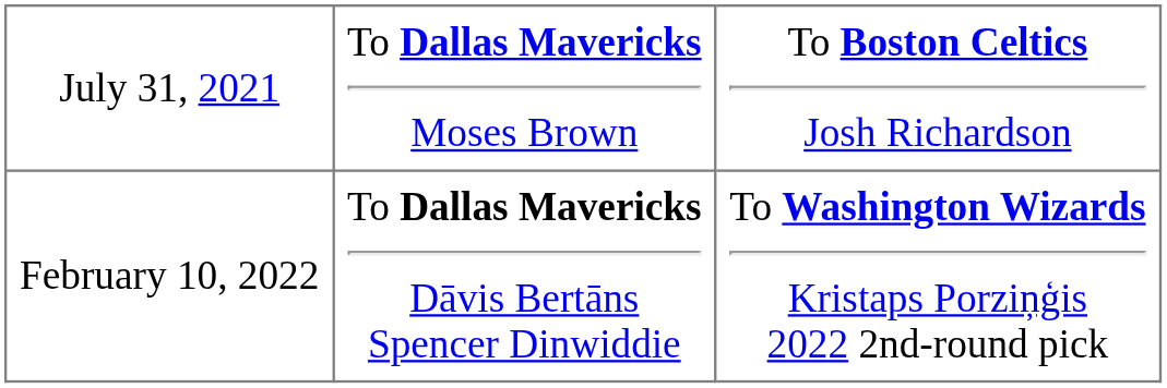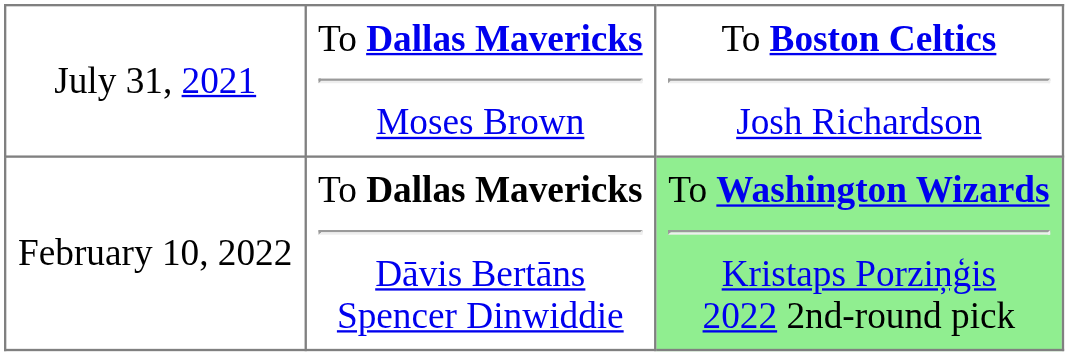 <table border="1" style="border-collapse:collapse; text-align:center;"  cellpadding="5">
 <tr>
 <td>July 31, <a href='#'>2021</a></td>
 <td>To <strong><a href='#'>Dallas Mavericks</a></strong><hr><a href='#'>Moses Brown</a></td>
 <td>To <strong><a href='#'>Boston Celtics</a></strong><hr><a href='#'>Josh Richardson</a></td>
 </tr>
 <tr>
 <td>February 10, 2022</td>
 <td>To <strong>Dallas Mavericks</strong><hr><a href='#'>Dāvis Bertāns</a><br><a href='#'>Spencer Dinwiddie</a></td>
-<td>To <strong><a href='#'>Washington Wizards</a></strong><hr><a href='#'>Kristaps Porziņģis</a><br><a href='#'>2022</a> 2nd-round pick</td>
+<td style="background: lightgreen;">To <strong><a href='#'>Washington Wizards</a></strong><hr><a href='#'>Kristaps Porziņģis</a><br><a href='#'>2022</a> 2nd-round pick</td>
 </tr>
 </table>
